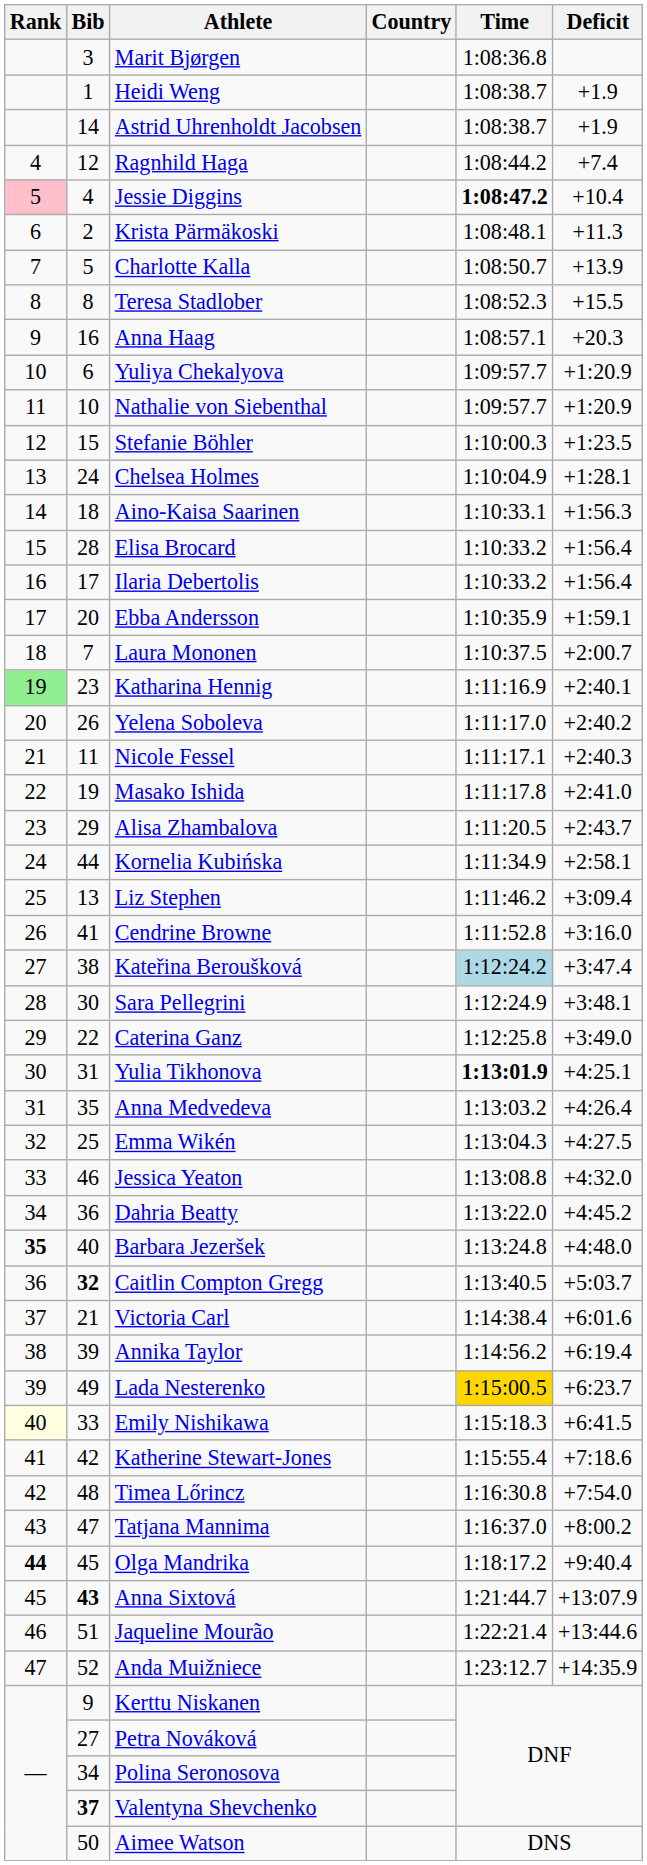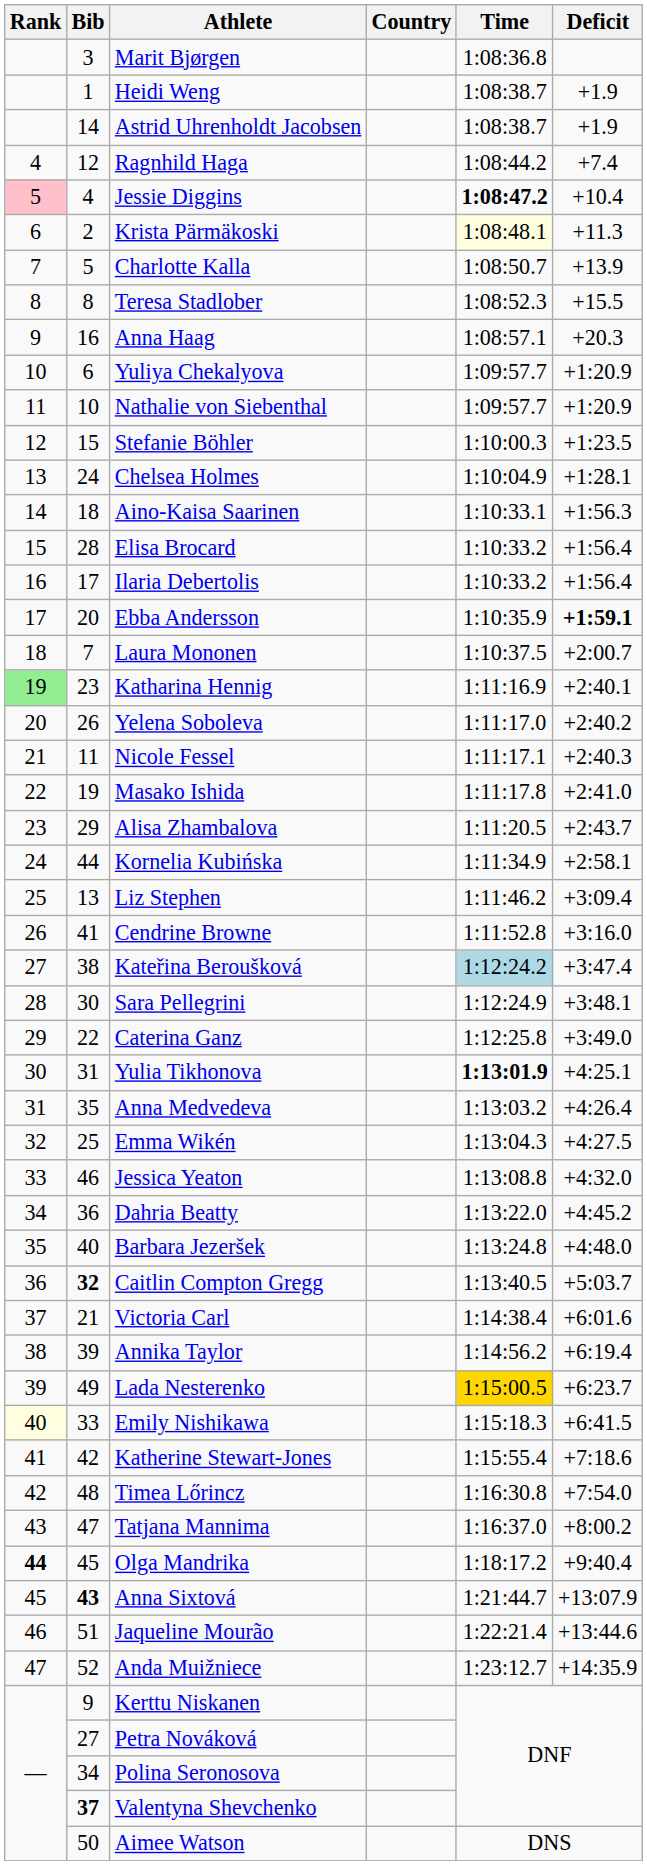 <table class="wikitable sortable" style="text-align:center">
 <tr>
 <th>Rank</th>
 <th>Bib</th>
 <th>Athlete</th>
 <th>Country</th>
 <th>Time</th>
 <th>Deficit</th>
 </tr>
 <tr>
 <td></td>
 <td>3</td>
 <td align=left><a href='#'>Marit Bjørgen</a></td>
 <td align=left></td>
 <td>1:08:36.8</td>
 <td></td>
 </tr>
 <tr>
 <td></td>
 <td>1</td>
 <td align=left><a href='#'>Heidi Weng</a></td>
 <td align=left></td>
 <td>1:08:38.7</td>
 <td>+1.9</td>
 </tr>
 <tr>
 <td></td>
 <td>14</td>
 <td align=left><a href='#'>Astrid Uhrenholdt Jacobsen</a></td>
 <td align=left></td>
 <td>1:08:38.7</td>
 <td>+1.9</td>
 </tr>
 <tr>
 <td>4</td>
 <td>12</td>
 <td align=left><a href='#'>Ragnhild Haga</a></td>
 <td align=left></td>
 <td>1:08:44.2</td>
 <td>+7.4</td>
 </tr>
 <tr>
 <td style="background: pink;">5</td>
 <td>4</td>
 <td align=left><a href='#'>Jessie Diggins</a></td>
 <td align=left></td>
 <td><strong>1:08:47.2</strong></td>
 <td>+10.4</td>
 </tr>
 <tr>
 <td>6</td>
 <td>2</td>
 <td align=left><a href='#'>Krista Pärmäkoski</a></td>
 <td align=left></td>
-<td>1:08:48.1</td>
+<td style="background: lightyellow;">1:08:48.1</td>
 <td>+11.3</td>
 </tr>
 <tr>
 <td>7</td>
 <td>5</td>
 <td align=left><a href='#'>Charlotte Kalla</a></td>
 <td align=left></td>
 <td>1:08:50.7</td>
 <td>+13.9</td>
 </tr>
 <tr>
 <td>8</td>
 <td>8</td>
 <td align=left><a href='#'>Teresa Stadlober</a></td>
 <td align=left></td>
 <td>1:08:52.3</td>
 <td>+15.5</td>
 </tr>
 <tr>
 <td>9</td>
 <td>16</td>
 <td align=left><a href='#'>Anna Haag</a></td>
 <td align=left></td>
 <td>1:08:57.1</td>
 <td>+20.3</td>
 </tr>
 <tr>
 <td>10</td>
 <td>6</td>
 <td align=left><a href='#'>Yuliya Chekalyova</a></td>
 <td align=left></td>
 <td>1:09:57.7</td>
 <td>+1:20.9</td>
 </tr>
 <tr>
 <td>11</td>
 <td>10</td>
 <td align=left><a href='#'>Nathalie von Siebenthal</a></td>
 <td align=left></td>
 <td>1:09:57.7</td>
 <td>+1:20.9</td>
 </tr>
 <tr>
 <td>12</td>
 <td>15</td>
 <td align=left><a href='#'>Stefanie Böhler</a></td>
 <td align=left></td>
 <td>1:10:00.3</td>
 <td>+1:23.5</td>
 </tr>
 <tr>
 <td>13</td>
 <td>24</td>
 <td align=left><a href='#'>Chelsea Holmes</a></td>
 <td align=left></td>
 <td>1:10:04.9</td>
 <td>+1:28.1</td>
 </tr>
 <tr>
 <td>14</td>
 <td>18</td>
 <td align=left><a href='#'>Aino-Kaisa Saarinen</a></td>
 <td align=left></td>
 <td>1:10:33.1</td>
 <td>+1:56.3</td>
 </tr>
 <tr>
 <td>15</td>
 <td>28</td>
 <td align=left><a href='#'>Elisa Brocard</a></td>
 <td align=left></td>
 <td>1:10:33.2</td>
 <td>+1:56.4</td>
 </tr>
 <tr>
 <td>16</td>
 <td>17</td>
 <td align=left><a href='#'>Ilaria Debertolis</a></td>
 <td align=left></td>
 <td>1:10:33.2</td>
 <td>+1:56.4</td>
 </tr>
 <tr>
 <td>17</td>
 <td>20</td>
 <td align=left><a href='#'>Ebba Andersson</a></td>
 <td align=left></td>
 <td>1:10:35.9</td>
-<td>+1:59.1</td>
+<td><strong>+1:59.1</strong></td>
 </tr>
 <tr>
 <td>18</td>
 <td>7</td>
 <td align=left><a href='#'>Laura Mononen</a></td>
 <td align=left></td>
 <td>1:10:37.5</td>
 <td>+2:00.7</td>
 </tr>
 <tr>
 <td style="background: lightgreen;">19</td>
 <td>23</td>
 <td align=left><a href='#'>Katharina Hennig</a></td>
 <td align=left></td>
 <td>1:11:16.9</td>
 <td>+2:40.1</td>
 </tr>
 <tr>
 <td>20</td>
 <td>26</td>
 <td align=left><a href='#'>Yelena Soboleva</a></td>
 <td align=left></td>
 <td>1:11:17.0</td>
 <td>+2:40.2</td>
 </tr>
 <tr>
 <td>21</td>
 <td>11</td>
 <td align=left><a href='#'>Nicole Fessel</a></td>
 <td align=left></td>
 <td>1:11:17.1</td>
 <td>+2:40.3</td>
 </tr>
 <tr>
 <td>22</td>
 <td>19</td>
 <td align=left><a href='#'>Masako Ishida</a></td>
 <td align=left></td>
 <td>1:11:17.8</td>
 <td>+2:41.0</td>
 </tr>
 <tr>
 <td>23</td>
 <td>29</td>
 <td align=left><a href='#'>Alisa Zhambalova</a></td>
 <td align=left></td>
 <td>1:11:20.5</td>
 <td>+2:43.7</td>
 </tr>
 <tr>
 <td>24</td>
 <td>44</td>
 <td align=left><a href='#'>Kornelia Kubińska</a></td>
 <td align=left></td>
 <td>1:11:34.9</td>
 <td>+2:58.1</td>
 </tr>
 <tr>
 <td>25</td>
 <td>13</td>
 <td align=left><a href='#'>Liz Stephen</a></td>
 <td align=left></td>
 <td>1:11:46.2</td>
 <td>+3:09.4</td>
 </tr>
 <tr>
 <td>26</td>
 <td>41</td>
 <td align=left><a href='#'>Cendrine Browne</a></td>
 <td align=left></td>
 <td>1:11:52.8</td>
 <td>+3:16.0</td>
 </tr>
 <tr>
 <td>27</td>
 <td>38</td>
 <td align=left><a href='#'>Kateřina Beroušková</a></td>
 <td align=left></td>
 <td style="background: lightblue;">1:12:24.2</td>
 <td>+3:47.4</td>
 </tr>
 <tr>
 <td>28</td>
 <td>30</td>
 <td align=left><a href='#'>Sara Pellegrini</a></td>
 <td align=left></td>
 <td>1:12:24.9</td>
 <td>+3:48.1</td>
 </tr>
 <tr>
 <td>29</td>
 <td>22</td>
 <td align=left><a href='#'>Caterina Ganz</a></td>
 <td align=left></td>
 <td>1:12:25.8</td>
 <td>+3:49.0</td>
 </tr>
 <tr>
 <td>30</td>
 <td>31</td>
 <td align=left><a href='#'>Yulia Tikhonova</a></td>
 <td align=left></td>
 <td><strong>1:13:01.9</strong></td>
 <td>+4:25.1</td>
 </tr>
 <tr>
 <td>31</td>
 <td>35</td>
 <td align=left><a href='#'>Anna Medvedeva</a></td>
 <td align=left></td>
 <td>1:13:03.2</td>
 <td>+4:26.4</td>
 </tr>
 <tr>
 <td>32</td>
 <td>25</td>
 <td align=left><a href='#'>Emma Wikén</a></td>
 <td align=left></td>
 <td>1:13:04.3</td>
 <td>+4:27.5</td>
 </tr>
 <tr>
 <td>33</td>
 <td>46</td>
 <td align=left><a href='#'>Jessica Yeaton</a></td>
 <td align=left></td>
 <td>1:13:08.8</td>
 <td>+4:32.0</td>
 </tr>
 <tr>
 <td>34</td>
 <td>36</td>
 <td align=left><a href='#'>Dahria Beatty</a></td>
 <td align=left></td>
 <td>1:13:22.0</td>
 <td>+4:45.2</td>
 </tr>
 <tr>
-<td><strong>35</strong></td>
+<td>35</td>
 <td>40</td>
 <td align=left><a href='#'>Barbara Jezeršek</a></td>
 <td align=left></td>
 <td>1:13:24.8</td>
 <td>+4:48.0</td>
 </tr>
 <tr>
 <td>36</td>
 <td><strong>32</strong></td>
 <td align=left><a href='#'>Caitlin Compton Gregg</a></td>
 <td align=left></td>
 <td>1:13:40.5</td>
 <td>+5:03.7</td>
 </tr>
 <tr>
 <td>37</td>
 <td>21</td>
 <td align=left><a href='#'>Victoria Carl</a></td>
 <td align=left></td>
 <td>1:14:38.4</td>
 <td>+6:01.6</td>
 </tr>
 <tr>
 <td>38</td>
 <td>39</td>
 <td align=left><a href='#'>Annika Taylor</a></td>
 <td align=left></td>
 <td>1:14:56.2</td>
 <td>+6:19.4</td>
 </tr>
 <tr>
 <td>39</td>
 <td>49</td>
 <td align=left><a href='#'>Lada Nesterenko</a></td>
 <td align=left></td>
 <td style="background: gold;">1:15:00.5</td>
 <td>+6:23.7</td>
 </tr>
 <tr>
 <td style="background: lightyellow;">40</td>
 <td>33</td>
 <td align=left><a href='#'>Emily Nishikawa</a></td>
 <td align=left></td>
 <td>1:15:18.3</td>
 <td>+6:41.5</td>
 </tr>
 <tr>
 <td>41</td>
 <td>42</td>
 <td align=left><a href='#'>Katherine Stewart-Jones</a></td>
 <td align=left></td>
 <td>1:15:55.4</td>
 <td>+7:18.6</td>
 </tr>
 <tr>
 <td>42</td>
 <td>48</td>
 <td align=left><a href='#'>Timea Lőrincz</a></td>
 <td align=left></td>
 <td>1:16:30.8</td>
 <td>+7:54.0</td>
 </tr>
 <tr>
 <td>43</td>
 <td>47</td>
 <td align=left><a href='#'>Tatjana Mannima</a></td>
 <td align=left></td>
 <td>1:16:37.0</td>
 <td>+8:00.2</td>
 </tr>
 <tr>
 <td><strong>44</strong></td>
 <td>45</td>
 <td align=left><a href='#'>Olga Mandrika</a></td>
 <td align=left></td>
 <td>1:18:17.2</td>
 <td>+9:40.4</td>
 </tr>
 <tr>
 <td>45</td>
 <td><strong>43</strong></td>
 <td align=left><a href='#'>Anna Sixtová</a></td>
 <td align=left></td>
 <td>1:21:44.7</td>
 <td>+13:07.9</td>
 </tr>
 <tr>
 <td>46</td>
 <td>51</td>
 <td align=left><a href='#'>Jaqueline Mourão</a></td>
 <td align=left></td>
 <td>1:22:21.4</td>
 <td>+13:44.6</td>
 </tr>
 <tr>
 <td>47</td>
 <td>52</td>
 <td align=left><a href='#'>Anda Muižniece</a></td>
 <td align=left></td>
 <td>1:23:12.7</td>
 <td>+14:35.9</td>
 </tr>
 <tr>
 <td rowspan=5>—</td>
 <td>9</td>
 <td align=left><a href='#'>Kerttu Niskanen</a></td>
 <td align=left></td>
 <td rowspan=4 colspan=2>DNF</td>
 </tr>
 <tr>
 <td>27</td>
 <td align=left><a href='#'>Petra Nováková</a></td>
 <td align=left></td>
 </tr>
 <tr>
 <td>34</td>
 <td align=left><a href='#'>Polina Seronosova</a></td>
 <td align=left></td>
 </tr>
 <tr>
 <td><strong>37</strong></td>
 <td align=left><a href='#'>Valentyna Shevchenko</a></td>
 <td align=left></td>
 </tr>
 <tr>
 <td>50</td>
 <td align=left><a href='#'>Aimee Watson</a></td>
 <td align=left></td>
 <td colspan=2>DNS</td>
 </tr>
 </table>
